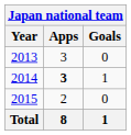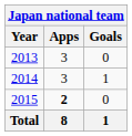 <table class="wikitable" style="text-align:center">
 <tr>
 <th colspan=3><a href='#'>Japan national team</a></th>
 </tr>
 <tr>
 <th>Year</th>
 <th>Apps</th>
 <th>Goals</th>
 </tr>
 <tr>
 <td><a href='#'>2013</a></td>
 <td>3</td>
 <td>0</td>
 </tr>
 <tr>
 <td><a href='#'>2014</a></td>
-<td><strong>3</strong></td>
+<td>3</td>
 <td>1</td>
 </tr>
 <tr>
 <td><a href='#'>2015</a></td>
-<td>2</td>
+<td><strong>2</strong></td>
 <td>0</td>
 </tr>
 <tr>
 <th>Total</th>
 <th>8</th>
 <th>1</th>
 </tr>
 </table>
